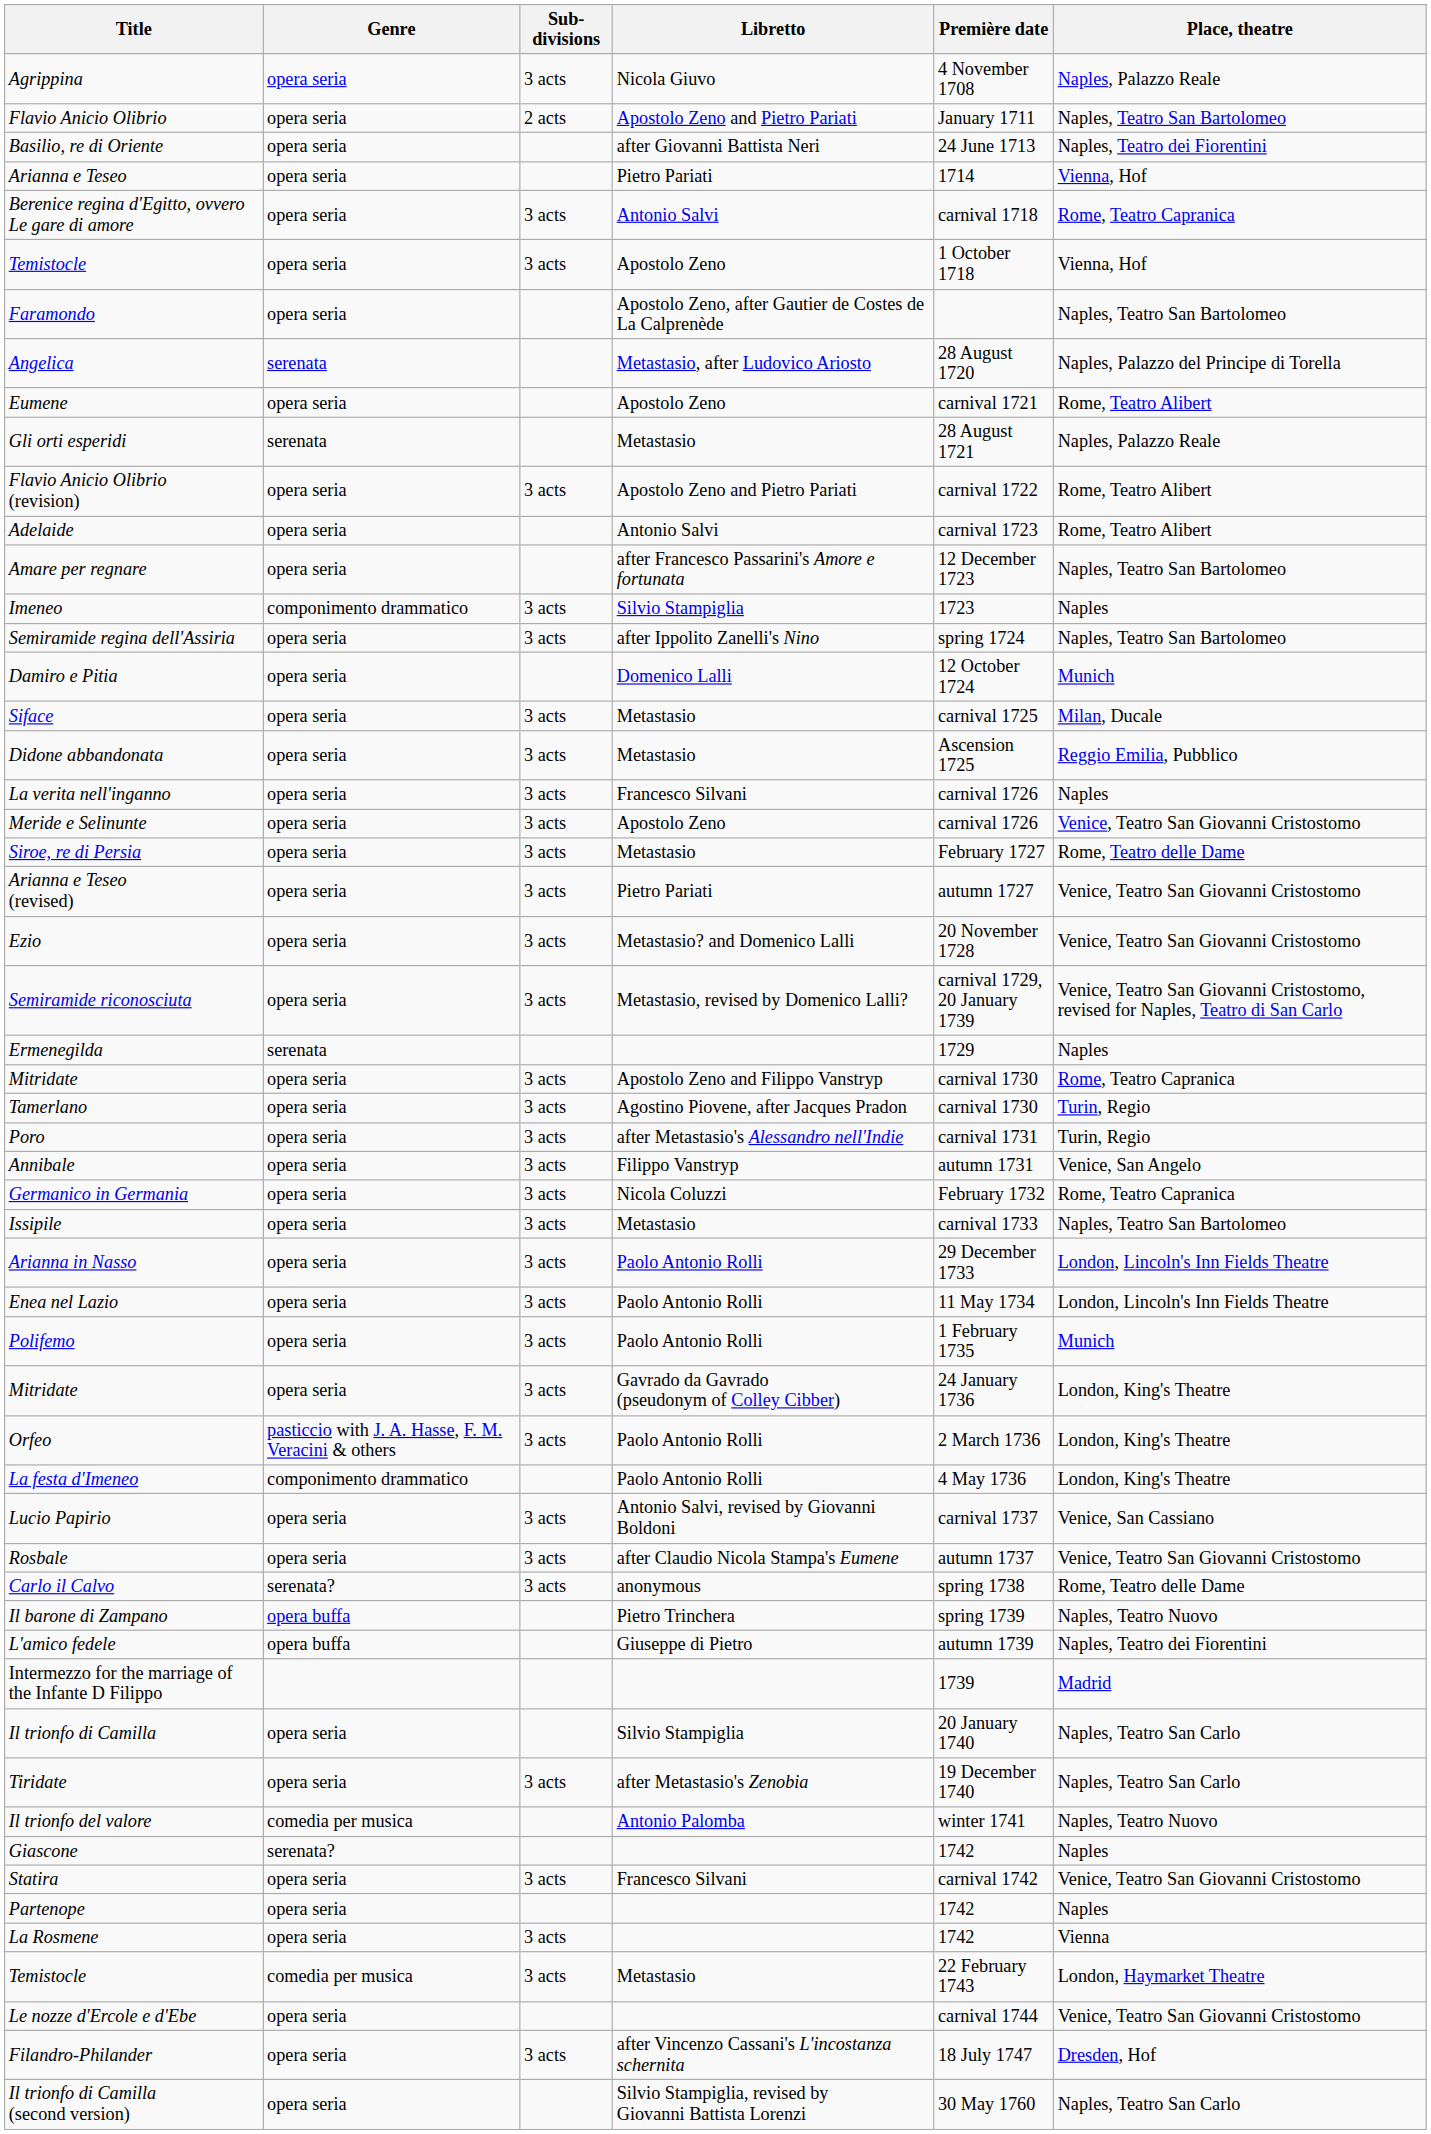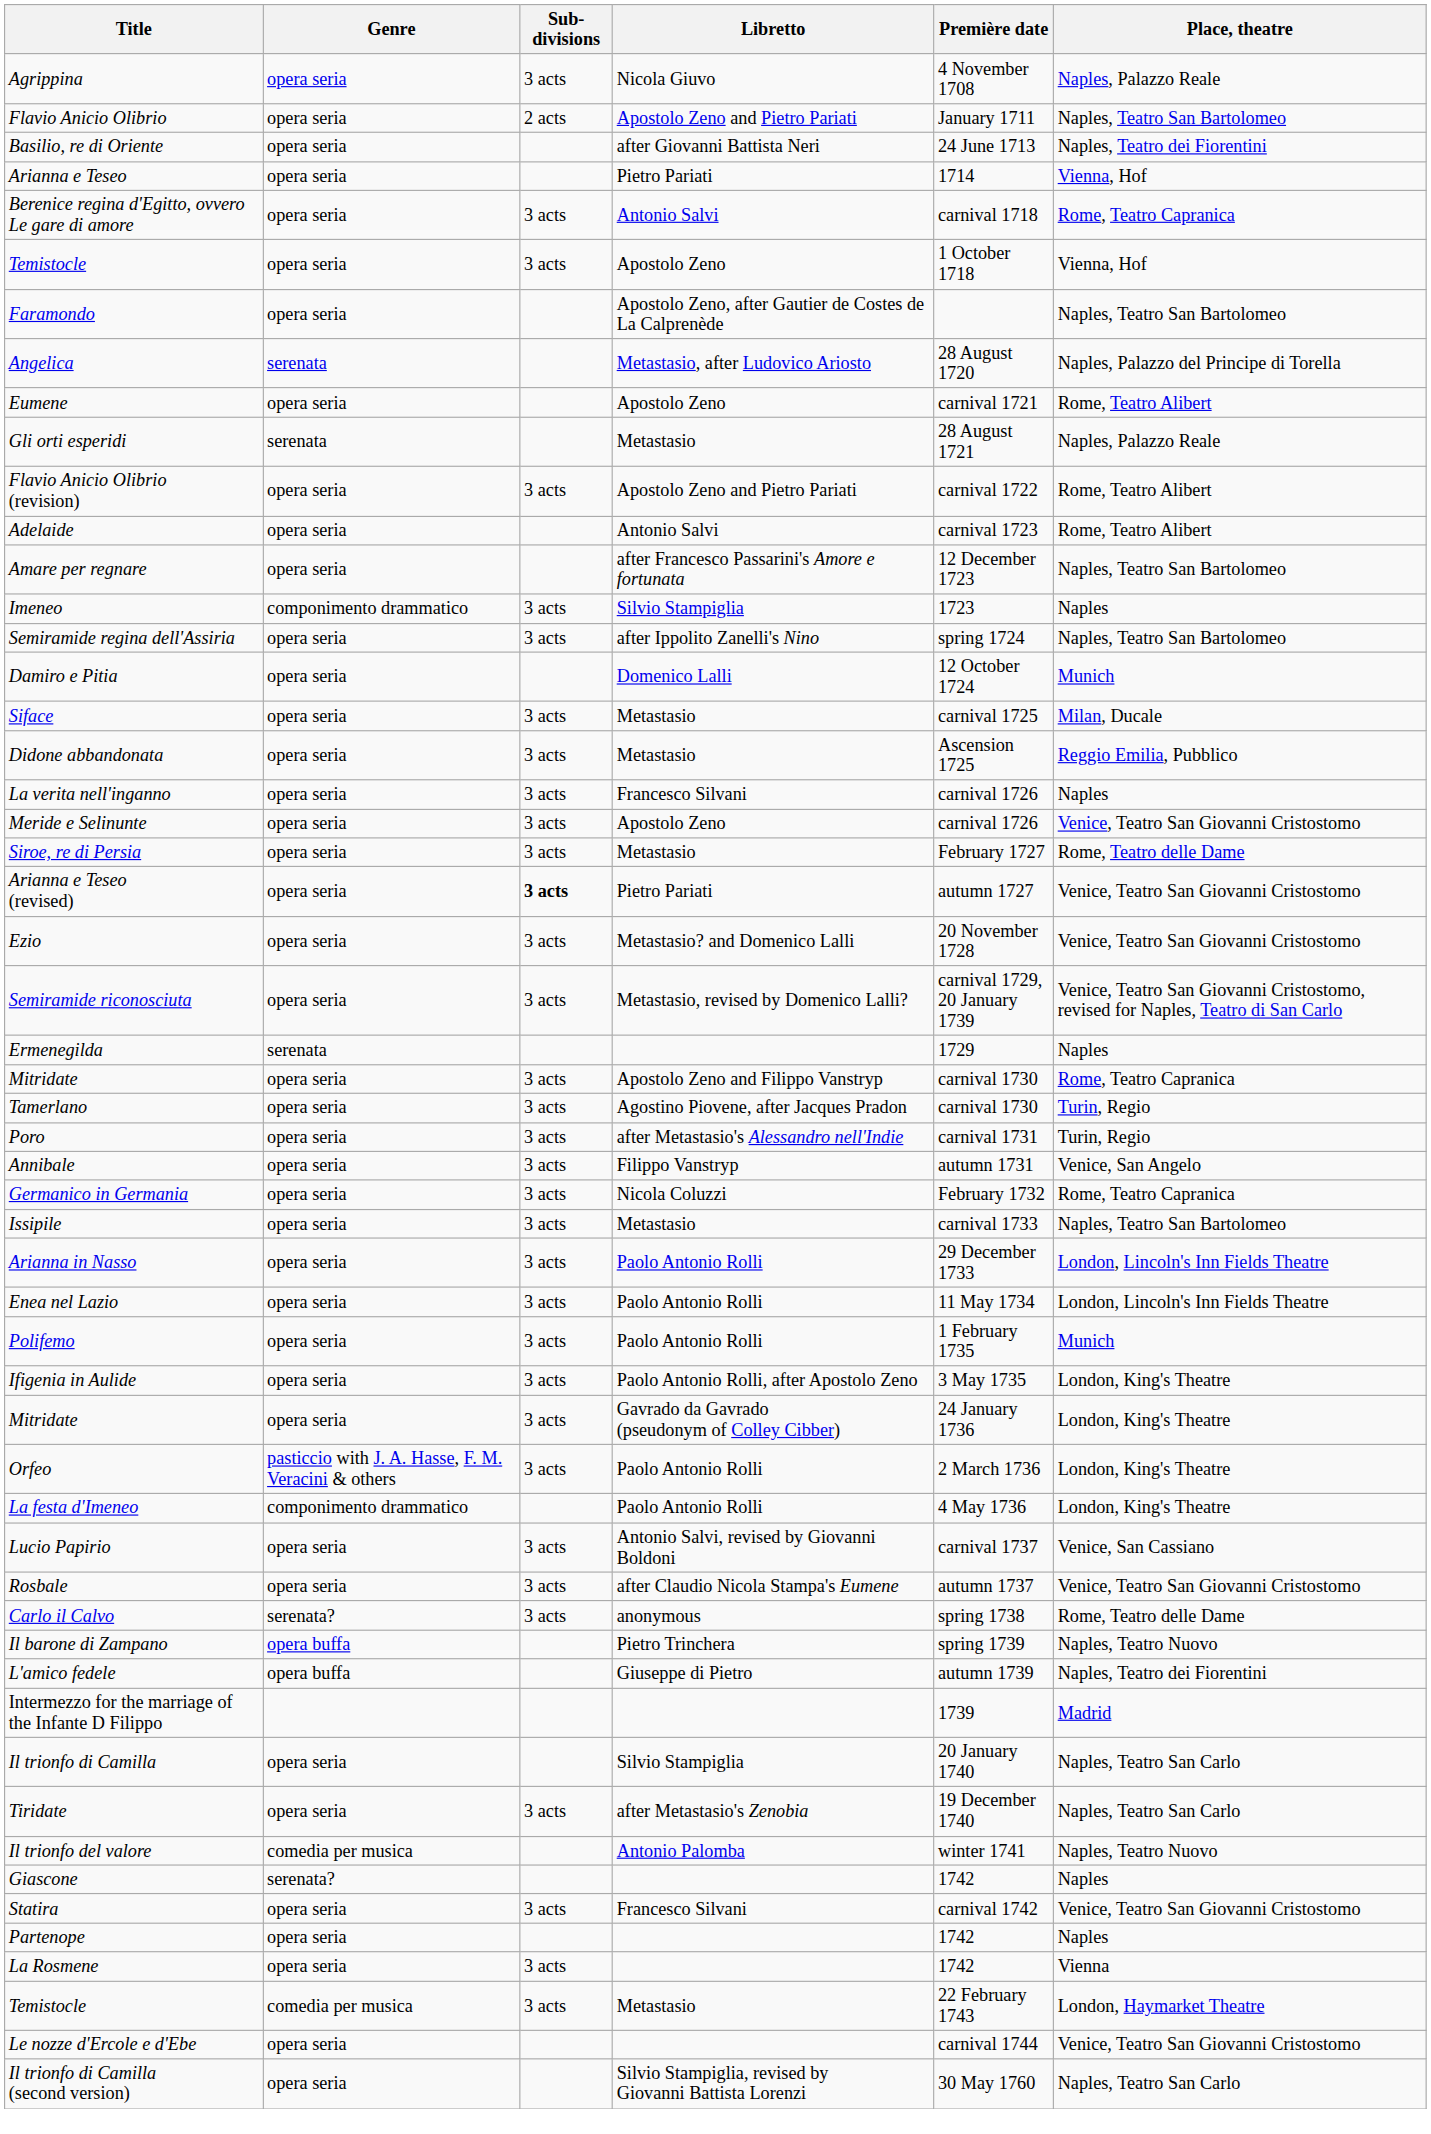 <table class="wikitable sortable">
 <tr>
 <th>Title</th>
 <th>Genre</th>
 <th>Sub­divisions</th>
 <th>Libretto</th>
 <th>Première date</th>
 <th>Place, theatre</th>
 </tr>
 <tr>
 <td><em>Agrippina</em></td>
 <td><a href='#'>opera seria</a></td>
 <td>3 acts</td>
 <td>Nicola Giuvo</td>
 <td>4 November 1708</td>
 <td><a href='#'>Naples</a>, Palazzo Reale</td>
 </tr>
 <tr>
 <td><em>Flavio Anicio Olibrio</em></td>
 <td>opera seria</td>
 <td>2 acts</td>
 <td><a href='#'>Apostolo Zeno</a> and <a href='#'>Pietro Pariati</a></td>
 <td>January 1711</td>
 <td>Naples, <a href='#'>Teatro San Bartolomeo</a></td>
 </tr>
 <tr>
 <td><em>Basilio, re di Oriente</em></td>
 <td>opera seria</td>
 <td> </td>
 <td>after Giovanni Battista Neri</td>
 <td>24 June 1713</td>
 <td>Naples, <a href='#'>Teatro dei Fiorentini</a></td>
 </tr>
 <tr>
 <td><em>Arianna e Teseo</em></td>
 <td>opera seria</td>
 <td> </td>
 <td>Pietro Pariati</td>
 <td>1714</td>
 <td><a href='#'>Vienna</a>, Hof</td>
 </tr>
 <tr>
 <td><em>Berenice regina d'Egitto, ovvero Le gare di amore</em></td>
 <td>opera seria</td>
 <td>3 acts</td>
 <td><a href='#'>Antonio Salvi</a></td>
 <td>carnival 1718</td>
 <td><a href='#'>Rome</a>, <a href='#'>Teatro Capranica</a></td>
 </tr>
 <tr>
 <td><em><a href='#'>Temistocle</a></em></td>
 <td>opera seria</td>
 <td>3 acts</td>
 <td>Apostolo Zeno</td>
 <td>1 October 1718</td>
 <td>Vienna, Hof</td>
 </tr>
 <tr>
 <td><em><a href='#'>Faramondo</a></em></td>
 <td>opera seria</td>
 <td> </td>
 <td>Apostolo Zeno, after Gautier de Costes de La Calprenède</td>
 <td></td>
 <td>Naples, Teatro San Bartolomeo</td>
 </tr>
 <tr>
 <td><em><a href='#'>Angelica</a></em></td>
 <td><a href='#'>serenata</a></td>
 <td> </td>
 <td><a href='#'>Metastasio</a>, after <a href='#'>Ludovico Ariosto</a></td>
 <td>28 August 1720</td>
 <td>Naples, Palazzo del Principe di Torella</td>
 </tr>
 <tr>
 <td><em>Eumene</em></td>
 <td>opera seria</td>
 <td> </td>
 <td>Apostolo Zeno</td>
 <td>carnival 1721</td>
 <td>Rome, <a href='#'>Teatro Alibert</a></td>
 </tr>
 <tr>
 <td><em>Gli orti esperidi</em></td>
 <td>serenata</td>
 <td> </td>
 <td>Metastasio</td>
 <td>28 August 1721</td>
 <td>Naples, Palazzo Reale</td>
 </tr>
 <tr>
 <td><em>Flavio Anicio Olibrio</em><br>(revision)</td>
 <td>opera seria</td>
 <td>3 acts</td>
 <td>Apostolo Zeno and Pietro Pariati</td>
 <td>carnival 1722</td>
 <td>Rome, Teatro Alibert</td>
 </tr>
 <tr>
 <td><em>Adelaide</em></td>
 <td>opera seria</td>
 <td> </td>
 <td>Antonio Salvi</td>
 <td>carnival 1723</td>
 <td>Rome, Teatro Alibert</td>
 </tr>
 <tr>
 <td><em>Amare per regnare</em></td>
 <td>opera seria</td>
 <td> </td>
 <td>after Francesco Passarini's <em>Amore e fortunata</em></td>
 <td>12 December 1723</td>
 <td>Naples, Teatro San Bartolomeo</td>
 </tr>
 <tr>
 <td><em>Imeneo</em></td>
 <td>componimento drammatico</td>
 <td>3 acts</td>
 <td><a href='#'>Silvio Stampiglia</a></td>
 <td>1723</td>
 <td>Naples</td>
 </tr>
 <tr>
 <td><em>Semiramide regina dell'Assiria</em></td>
 <td>opera seria</td>
 <td>3 acts</td>
 <td>after Ippolito Zanelli's <em>Nino</em></td>
 <td>spring 1724</td>
 <td>Naples, Teatro San Bartolomeo</td>
 </tr>
 <tr>
 <td><em>Damiro e Pitia</em></td>
 <td>opera seria</td>
 <td> </td>
 <td><a href='#'>Domenico Lalli</a></td>
 <td>12 October 1724</td>
 <td><a href='#'>Munich</a></td>
 </tr>
 <tr>
 <td><em><a href='#'>Siface</a></em></td>
 <td>opera seria</td>
 <td>3 acts</td>
 <td>Metastasio</td>
 <td>carnival 1725</td>
 <td><a href='#'>Milan</a>, Ducale</td>
 </tr>
 <tr>
 <td><em>Didone abbandonata</em></td>
 <td>opera seria</td>
 <td>3 acts</td>
 <td>Metastasio</td>
 <td>Ascension 1725</td>
 <td><a href='#'>Reggio Emilia</a>, Pubblico</td>
 </tr>
 <tr>
 <td><em>La verita nell'inganno</em></td>
 <td>opera seria</td>
 <td>3 acts</td>
 <td>Francesco Silvani</td>
 <td>carnival 1726</td>
 <td>Naples</td>
 </tr>
 <tr>
 <td><em>Meride e Selinunte</em></td>
 <td>opera seria</td>
 <td>3 acts</td>
 <td>Apostolo Zeno</td>
 <td>carnival 1726</td>
 <td><a href='#'>Venice</a>, Teatro San Giovanni Cristostomo</td>
 </tr>
 <tr>
 <td><em><a href='#'>Siroe, re di Persia</a></em></td>
 <td>opera seria</td>
 <td>3 acts</td>
 <td>Metastasio</td>
 <td>February 1727</td>
 <td>Rome, <a href='#'>Teatro delle Dame</a></td>
 </tr>
 <tr>
 <td><em>Arianna e Teseo</em><br>(revised)</td>
 <td>opera seria</td>
-<td>3 acts</td>
+<td><strong>3 acts</strong></td>
 <td>Pietro Pariati</td>
 <td>autumn 1727</td>
 <td>Venice, Teatro San Giovanni Cristostomo</td>
 </tr>
 <tr>
 <td><em>Ezio</em></td>
 <td>opera seria</td>
 <td>3 acts</td>
 <td>Metastasio? and Domenico Lalli</td>
 <td>20 November 1728</td>
 <td>Venice, Teatro San Giovanni Cristostomo</td>
 </tr>
 <tr>
 <td><em><a href='#'>Semiramide riconosciuta</a></em></td>
 <td>opera seria</td>
 <td>3 acts</td>
 <td>Metastasio, revised by Domenico Lalli?</td>
 <td>carnival 1729,<br>20 January 1739</td>
 <td>Venice, Teatro San Giovanni Cristostomo, revised for Naples, <a href='#'>Teatro di San Carlo</a></td>
 </tr>
 <tr>
 <td><em>Ermenegilda</em></td>
 <td>serenata</td>
 <td> </td>
 <td> </td>
 <td>1729</td>
 <td>Naples</td>
 </tr>
 <tr>
 <td><em>Mitridate</em></td>
 <td>opera seria</td>
 <td>3 acts</td>
 <td>Apostolo Zeno and Filippo Vanstryp</td>
 <td>carnival 1730</td>
 <td><a href='#'>Rome</a>, Teatro Capranica</td>
 </tr>
 <tr>
 <td><em>Tamerlano</em></td>
 <td>opera seria</td>
 <td>3 acts</td>
 <td>Agostino Piovene, after Jacques Pradon</td>
 <td>carnival 1730</td>
 <td><a href='#'>Turin</a>, Regio</td>
 </tr>
 <tr>
 <td><em>Poro</em></td>
 <td>opera seria</td>
 <td>3 acts</td>
 <td>after Metastasio's <em><a href='#'>Alessandro nell'Indie</a></em></td>
 <td>carnival 1731</td>
 <td>Turin, Regio</td>
 </tr>
 <tr>
 <td><em>Annibale</em></td>
 <td>opera seria</td>
 <td>3 acts</td>
 <td>Filippo Vanstryp</td>
 <td>autumn 1731</td>
 <td>Venice, San Angelo</td>
 </tr>
 <tr>
 <td><em><a href='#'>Germanico in Germania</a></em></td>
 <td>opera seria</td>
 <td>3 acts</td>
 <td>Nicola Coluzzi</td>
 <td>February 1732</td>
 <td>Rome, Teatro Capranica</td>
 </tr>
 <tr>
 <td><em>Issipile</em></td>
 <td>opera seria</td>
 <td>3 acts</td>
 <td>Metastasio</td>
 <td>carnival 1733</td>
 <td>Naples, Teatro San Bartolomeo</td>
 </tr>
 <tr>
 <td><em><a href='#'>Arianna in Nasso</a></em></td>
 <td>opera seria</td>
 <td>3 acts</td>
 <td><a href='#'>Paolo Antonio Rolli</a></td>
 <td>29 December 1733</td>
 <td><a href='#'>London</a>, <a href='#'>Lincoln's Inn Fields Theatre</a></td>
 </tr>
 <tr>
 <td><em>Enea nel Lazio</em></td>
 <td>opera seria</td>
 <td>3 acts</td>
 <td>Paolo Antonio Rolli</td>
 <td>11 May 1734</td>
 <td>London, Lincoln's Inn Fields Theatre</td>
 </tr>
 <tr>
 <td><em><a href='#'>Polifemo</a></em></td>
 <td>opera seria</td>
 <td>3 acts</td>
 <td>Paolo Antonio Rolli</td>
 <td>1 February 1735</td>
 <td><a href='#'>Munich</a></td>
+</tr>
+<tr>
+<td><em>Ifigenia in Aulide</em></td>
+<td>opera seria</td>
+<td>3 acts</td>
+<td>Paolo Antonio Rolli, after Apostolo Zeno</td>
+<td>3 May 1735</td>
+<td>London, King's Theatre</td>
 </tr>
 <tr>
 <td><em>Mitridate</em></td>
 <td>opera seria</td>
 <td>3 acts</td>
 <td>Gavrado da Gavrado<br>(pseudonym of <a href='#'>Colley Cibber</a>)</td>
 <td>24 January 1736</td>
 <td>London, King's Theatre</td>
 </tr>
 <tr>
 <td><em>Orfeo</em></td>
 <td><a href='#'>pasticcio</a> with <a href='#'>J. A. Hasse</a>, <a href='#'>F. M. Veracini</a> & others</td>
 <td>3 acts</td>
 <td>Paolo Antonio Rolli</td>
 <td>2 March 1736</td>
 <td>London, King's Theatre</td>
 </tr>
 <tr>
 <td><em><a href='#'>La festa d'Imeneo</a></em></td>
 <td>componimento drammatico</td>
 <td> </td>
 <td>Paolo Antonio Rolli</td>
 <td>4 May 1736</td>
 <td>London, King's Theatre</td>
 </tr>
 <tr>
 <td><em>Lucio Papirio</em></td>
 <td>opera seria</td>
 <td>3 acts</td>
 <td>Antonio Salvi, revised by Giovanni Boldoni</td>
 <td>carnival 1737</td>
 <td>Venice, San Cassiano</td>
 </tr>
 <tr>
 <td><em>Rosbale</em></td>
 <td>opera seria</td>
 <td>3 acts</td>
 <td>after Claudio Nicola Stampa's <em>Eumene</em></td>
 <td>autumn 1737</td>
 <td>Venice, Teatro San Giovanni Cristostomo</td>
 </tr>
 <tr>
 <td><em><a href='#'>Carlo il Calvo</a></em></td>
 <td>serenata?</td>
 <td>3 acts</td>
 <td>anonymous</td>
 <td>spring 1738</td>
 <td>Rome, Teatro delle Dame</td>
 </tr>
 <tr>
 <td><em>Il barone di Zampano</em></td>
 <td><a href='#'>opera buffa</a></td>
 <td> </td>
 <td>Pietro Trinchera</td>
 <td>spring 1739</td>
 <td>Naples, Teatro Nuovo</td>
 </tr>
 <tr>
 <td><em>L'amico fedele</em></td>
 <td>opera buffa</td>
 <td> </td>
 <td>Giuseppe di Pietro</td>
 <td>autumn 1739</td>
 <td>Naples, Teatro dei Fiorentini</td>
 </tr>
 <tr>
 <td>Intermezzo for the marriage of the Infante D Filippo</td>
 <td> </td>
 <td> </td>
 <td> </td>
 <td>1739</td>
 <td><a href='#'>Madrid</a></td>
 </tr>
 <tr>
 <td><em>Il trionfo di Camilla</em></td>
 <td>opera seria</td>
 <td> </td>
 <td>Silvio Stampiglia</td>
 <td>20 January 1740</td>
 <td>Naples, Teatro San Carlo</td>
 </tr>
 <tr>
 <td><em>Tiridate</em></td>
 <td>opera seria</td>
 <td>3 acts</td>
 <td>after Metastasio's <em>Zenobia</em></td>
 <td>19 December 1740</td>
 <td>Naples, Teatro San Carlo</td>
 </tr>
 <tr>
 <td><em>Il trionfo del valore</em></td>
 <td>comedia per musica</td>
 <td> </td>
 <td><a href='#'>Antonio Palomba</a></td>
 <td>winter 1741</td>
 <td>Naples, Teatro Nuovo</td>
 </tr>
 <tr>
 <td><em>Giascone</em></td>
 <td>serenata?</td>
 <td> </td>
 <td> </td>
 <td>1742</td>
 <td>Naples</td>
 </tr>
 <tr>
 <td><em>Statira</em></td>
 <td>opera seria</td>
 <td>3 acts</td>
 <td>Francesco Silvani</td>
 <td>carnival 1742</td>
 <td>Venice, Teatro San Giovanni Cristostomo</td>
 </tr>
 <tr>
 <td><em>Partenope</em></td>
 <td>opera seria</td>
 <td> </td>
 <td> </td>
 <td>1742</td>
 <td>Naples</td>
 </tr>
 <tr>
 <td><em>La Rosmene</em></td>
 <td>opera seria</td>
 <td>3 acts</td>
 <td> </td>
 <td>1742</td>
 <td>Vienna</td>
 </tr>
 <tr>
 <td><em>Temistocle</em></td>
 <td>comedia per musica</td>
 <td>3 acts</td>
 <td>Metastasio</td>
 <td>22 February 1743</td>
 <td>London, <a href='#'>Haymarket Theatre</a></td>
 </tr>
 <tr>
 <td><em>Le nozze d'Ercole e d'Ebe</em></td>
 <td>opera seria</td>
 <td> </td>
 <td> </td>
 <td>carnival 1744</td>
 <td>Venice, Teatro San Giovanni Cristostomo</td>
 </tr>
 <tr>
-<td><em>Filandro-Philander</em></td>
-<td>opera seria</td>
-<td>3 acts</td>
-<td>after Vincenzo Cassani's <em>L'incostanza schernita</em></td>
-<td>18 July 1747</td>
-<td><a href='#'>Dresden</a>, Hof</td>
-</tr>
-<tr>
 <td> <em>Il trionfo di Camilla</em><br>(second version)</td>
 <td>opera seria</td>
 <td> </td>
 <td>Silvio Stampiglia, revised by Giovanni Battista Lorenzi</td>
 <td>30 May 1760</td>
 <td>Naples, Teatro San Carlo</td>
 </tr>
 </table>
